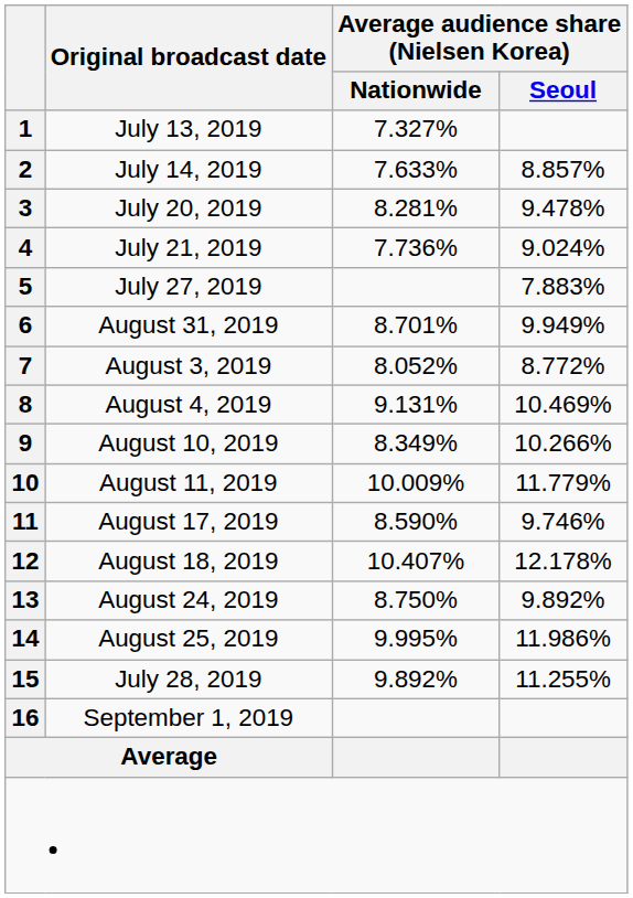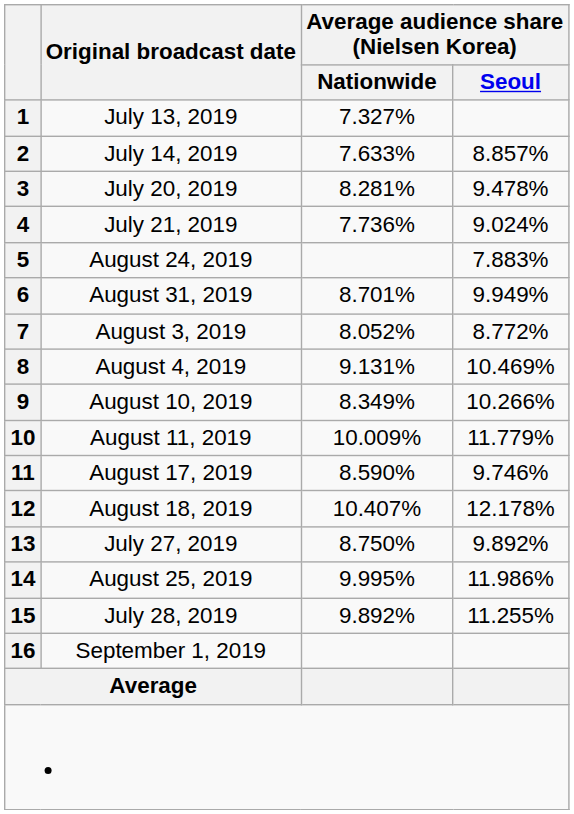 <table class="wikitable" style="text-align:center;max-width:450px; margin-left: auto; margin-right: auto; border: none">
 <tr>
 </tr>
 <tr>
 <th rowspan="2"></th>
 <th rowspan="2">Original broadcast date</th>
 <th colspan="2">Average audience share<br>(Nielsen Korea)</th>
 </tr>
 <tr>
 <th>Nationwide</th>
 <th><a href='#'>Seoul</a></th>
 </tr>
 <tr>
 <th>1</th>
 <td>July 13, 2019</td>
 <td>7.327% </td>
 <td><strong></strong> </td>
 </tr>
 <tr>
 <th>2</th>
 <td>July 14, 2019</td>
 <td>7.633% </td>
 <td>8.857% </td>
 </tr>
 <tr>
 <th>3</th>
 <td>July 20, 2019</td>
 <td>8.281% </td>
 <td>9.478% </td>
 </tr>
 <tr>
 <th>4</th>
 <td>July 21, 2019</td>
 <td>7.736% </td>
 <td>9.024% </td>
 </tr>
 <tr>
 <th>5</th>
-<td>July 27, 2019</td>
+<td>August 24, 2019</td>
 <td><strong></strong> </td>
 <td>7.883% </td>
 </tr>
 <tr>
 <th>6</th>
 <td>August 31, 2019</td>
 <td>8.701% </td>
 <td>9.949% </td>
 </tr>
 <tr>
 <th>7</th>
 <td>August 3, 2019</td>
 <td>8.052% </td>
 <td>8.772% </td>
 </tr>
 <tr>
 <th>8</th>
 <td>August 4, 2019</td>
 <td>9.131% </td>
 <td>10.469% </td>
 </tr>
 <tr>
 <th>9</th>
 <td>August 10, 2019</td>
 <td>8.349% </td>
 <td>10.266% </td>
 </tr>
 <tr>
 <th>10</th>
 <td>August 11, 2019</td>
 <td>10.009% </td>
 <td>11.779% </td>
 </tr>
 <tr>
 <th>11</th>
 <td>August 17, 2019</td>
 <td>8.590% </td>
 <td>9.746% </td>
 </tr>
 <tr>
 <th>12</th>
 <td>August 18, 2019</td>
 <td>10.407% </td>
 <td>12.178% </td>
 </tr>
 <tr>
 <th>13</th>
-<td>August 24, 2019</td>
+<td>July 27, 2019</td>
 <td>8.750% </td>
 <td>9.892% </td>
 </tr>
 <tr>
 <th>14</th>
 <td>August 25, 2019</td>
 <td>9.995% </td>
 <td>11.986% </td>
 </tr>
 <tr>
 <th>15</th>
 <td>July 28, 2019</td>
 <td>9.892% </td>
 <td>11.255% </td>
 </tr>
 <tr>
 <th>16</th>
 <td>September 1, 2019</td>
 <td><strong></strong> </td>
 <td><strong></strong> </td>
 </tr>
 <tr>
 <th colspan="2">Average</th>
 <th></th>
 <th></th>
 </tr>
 <tr>
 <td colspan="6"><br><ul><li></li></ul></td>
 </tr>
 </table>
